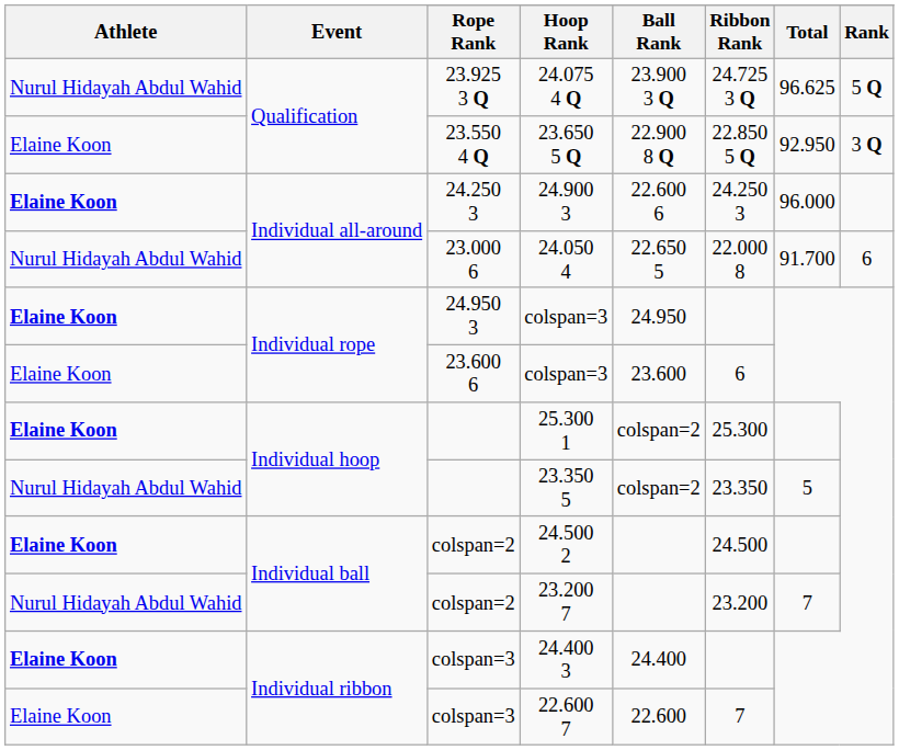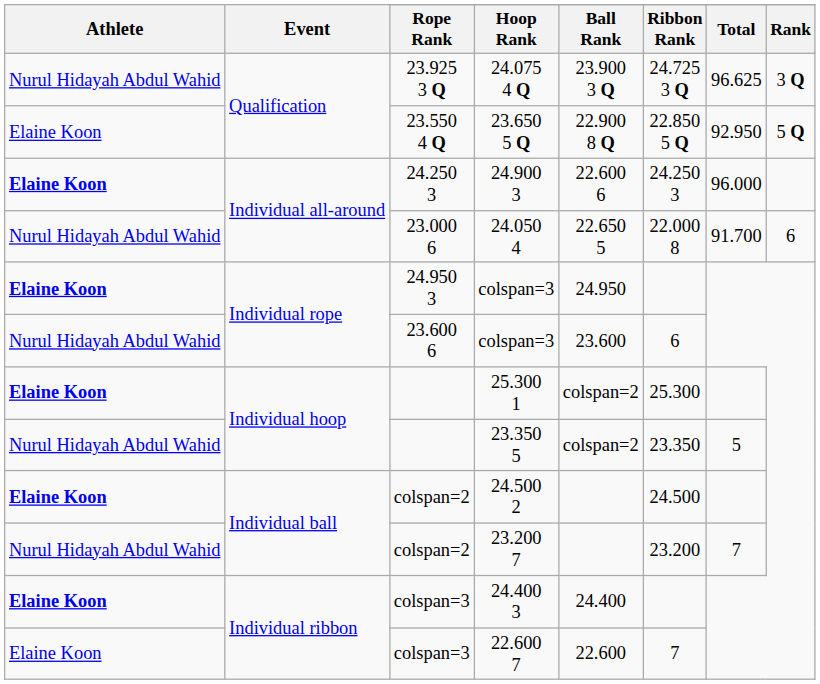 <table class=wikitable style="font-size:90%">
 <tr>
 <th rowspan=2>Athlete</th>
 <th rowspan=2>Event</th>
 </tr>
 <tr style="font-size:95%">
 <th>Rope<br>Rank</th>
 <th>Hoop<br>Rank</th>
 <th>Ball<br>Rank</th>
 <th>Ribbon<br>Rank</th>
 <th>Total</th>
 <th>Rank</th>
 </tr>
 <tr align=center>
 <td align=left><a href='#'>Nurul Hidayah Abdul Wahid</a></td>
 <td align=left rowspan=2><a href='#'>Qualification</a></td>
 <td>23.925<br>3 <strong>Q</strong></td>
 <td>24.075<br>4 <strong>Q</strong></td>
 <td>23.900<br>3 <strong>Q</strong></td>
 <td>24.725<br>3 <strong>Q</strong></td>
 <td>96.625</td>
-<td>5 <strong>Q</strong></td>
+<td>3 <strong>Q</strong></td>
 </tr>
 <tr align=center>
 <td align=left><a href='#'>Elaine Koon</a></td>
 <td>23.550<br>4 <strong>Q</strong></td>
 <td>23.650<br>5 <strong>Q</strong></td>
 <td>22.900<br>8 <strong>Q</strong></td>
 <td>22.850<br>5 <strong>Q</strong></td>
 <td>92.950</td>
-<td>3 <strong>Q</strong></td>
+<td>5 <strong>Q</strong></td>
 </tr>
 <tr align=center>
 <td align=left><strong><a href='#'>Elaine Koon</a></strong></td>
 <td align=left rowspan=2><a href='#'>Individual all-around</a></td>
 <td>24.250<br>3</td>
 <td>24.900<br>3</td>
 <td>22.600<br>6</td>
 <td>24.250<br>3</td>
 <td>96.000</td>
 <td></td>
 </tr>
 <tr align=center>
 <td align=left><a href='#'>Nurul Hidayah Abdul Wahid</a></td>
 <td>23.000<br>6</td>
 <td>24.050<br>4</td>
 <td>22.650<br>5</td>
 <td>22.000<br>8</td>
 <td>91.700</td>
 <td>6</td>
 </tr>
 <tr align=center>
 <td align=left><strong><a href='#'>Elaine Koon</a></strong></td>
 <td align=left rowspan=2><a href='#'>Individual rope</a></td>
 <td>24.950<br>3</td>
 <td>colspan=3 </td>
 <td>24.950</td>
 <td></td>
 </tr>
 <tr align=center>
-<td align=left><a href='#'>Elaine Koon</a></td>
+<td align=left><a href='#'>Nurul Hidayah Abdul Wahid</a></td>
 <td>23.600<br>6</td>
 <td>colspan=3 </td>
 <td>23.600</td>
 <td>6</td>
 </tr>
 <tr align=center>
 <td align=left><strong><a href='#'>Elaine Koon</a></strong></td>
 <td align=left rowspan=2><a href='#'>Individual hoop</a></td>
 <td></td>
 <td>25.300<br>1</td>
 <td>colspan=2 </td>
 <td>25.300</td>
 <td></td>
 </tr>
 <tr align=center>
 <td align=left><a href='#'>Nurul Hidayah Abdul Wahid</a></td>
 <td></td>
 <td>23.350<br>5</td>
 <td>colspan=2 </td>
 <td>23.350</td>
 <td>5</td>
 </tr>
 <tr align=center>
 <td align=left><strong><a href='#'>Elaine Koon</a></strong></td>
 <td align=left rowspan=2><a href='#'>Individual ball</a></td>
 <td>colspan=2 </td>
 <td>24.500<br>2</td>
 <td></td>
 <td>24.500</td>
 <td></td>
 </tr>
 <tr align=center>
 <td align=left><a href='#'>Nurul Hidayah Abdul Wahid</a></td>
 <td>colspan=2 </td>
 <td>23.200<br>7</td>
 <td></td>
 <td>23.200</td>
 <td>7</td>
 </tr>
 <tr align=center>
 <td align=left><strong><a href='#'>Elaine Koon</a></strong></td>
 <td align=left rowspan=2><a href='#'>Individual ribbon</a></td>
 <td>colspan=3 </td>
 <td>24.400<br>3</td>
 <td>24.400</td>
 <td></td>
 </tr>
 <tr align=center>
 <td align=left><a href='#'>Elaine Koon</a></td>
 <td>colspan=3 </td>
 <td>22.600<br>7</td>
 <td>22.600</td>
 <td>7</td>
 </tr>
 </table>
